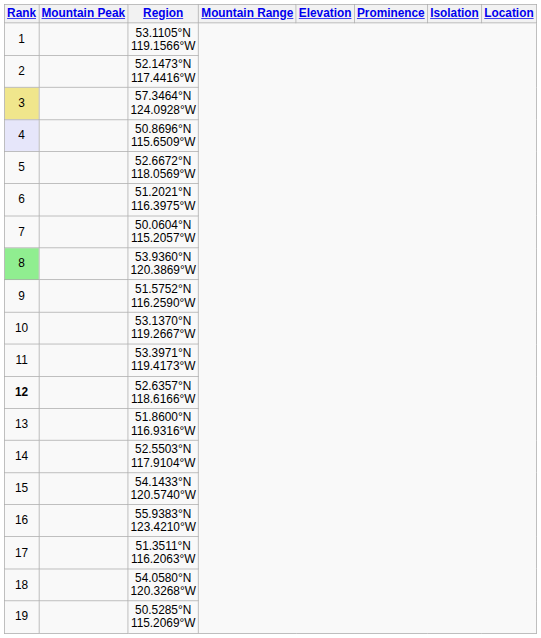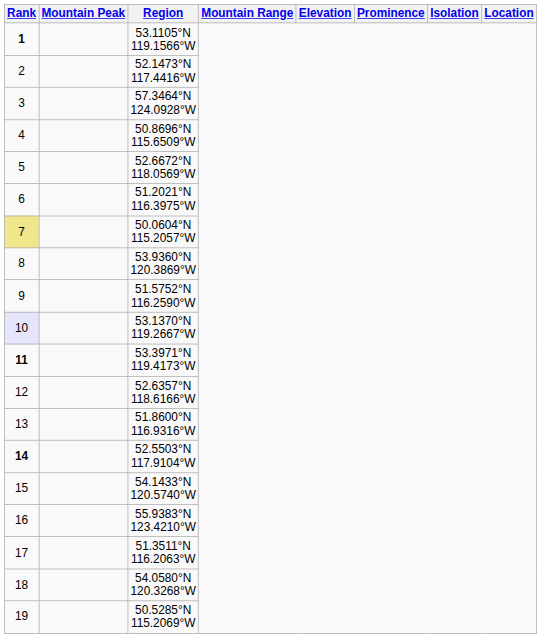 <table class="wikitable sortable">
 <tr>
 <th><a href='#'>Rank</a></th>
 <th><a href='#'>Mountain Peak</a></th>
 <th><a href='#'>Region</a></th>
 <th><a href='#'>Mountain Range</a></th>
 <th><a href='#'>Elevation</a></th>
 <th><a href='#'>Prominence</a></th>
 <th><a href='#'>Isolation</a></th>
 <th><a href='#'>Location</a></th>
 </tr>
 <tr>
-<td align=center>1<br></td>
+<td align=center><strong>1<br></strong></td>
 <td><br> </td>
 <td align=center>53.1105°N<br>119.1566°W</td>
 </tr>
 <tr>
 <td align=center>2<br></td>
 <td><br><br> </td>
 <td align=center>52.1473°N<br>117.4416°W</td>
 </tr>
 <tr>
-<td align=center style="background: khaki;">3<br></td>
+<td align=center>3<br></td>
 <td><br> </td>
 <td align=center>57.3464°N<br>124.0928°W</td>
 </tr>
 <tr>
-<td align=center style="background: lavender;">4<br></td>
+<td align=center>4<br></td>
 <td><br><br> </td>
 <td align=center>50.8696°N<br>115.6509°W</td>
 </tr>
 <tr>
 <td align=center>5<br></td>
 <td><br> </td>
 <td align=center>52.6672°N<br>118.0569°W</td>
 </tr>
 <tr>
 <td align=center>6<br></td>
 <td><br> </td>
 <td align=center>51.2021°N<br>116.3975°W</td>
 </tr>
 <tr>
-<td align=center>7<br></td>
+<td align=center style="background: khaki;">7<br></td>
 <td><br> </td>
 <td align=center>50.0604°N<br>115.2057°W</td>
 </tr>
 <tr>
-<td align=center style="background: lightgreen;">8<br></td>
+<td align=center>8<br></td>
 <td><br> </td>
 <td align=center>53.9360°N<br>120.3869°W</td>
 </tr>
 <tr>
 <td align=center>9<br></td>
 <td><br> </td>
 <td align=center>51.5752°N<br>116.2590°W</td>
 </tr>
 <tr>
-<td align=center>10<br></td>
+<td align=center style="background: lavender;">10<br></td>
 <td><br> </td>
 <td align=center>53.1370°N<br>119.2667°W</td>
 </tr>
 <tr>
-<td align=center>11<br></td>
+<td align=center><strong>11<br></strong></td>
 <td><br> </td>
 <td align=center>53.3971°N<br>119.4173°W</td>
 </tr>
 <tr>
-<td align=center><strong>12<br></strong></td>
+<td align=center>12<br></td>
 <td><br> </td>
 <td align=center>52.6357°N<br>118.6166°W</td>
 </tr>
 <tr>
 <td align=center>13<br></td>
 <td><br> </td>
 <td align=center>51.8600°N<br>116.9316°W</td>
 </tr>
 <tr>
-<td align=center>14<br></td>
+<td align=center><strong>14<br></strong></td>
 <td><br> </td>
 <td align=center>52.5503°N<br>117.9104°W</td>
 </tr>
 <tr>
 <td align=center>15<br></td>
 <td><br> </td>
 <td align=center>54.1433°N<br>120.5740°W</td>
 </tr>
 <tr>
 <td align=center>16<br></td>
 <td><br> </td>
 <td align=center>55.9383°N<br>123.4210°W</td>
 </tr>
 <tr>
 <td align=center>17<br></td>
 <td><br> </td>
 <td align=center>51.3511°N<br>116.2063°W</td>
 </tr>
 <tr>
 <td align=center>18<br></td>
 <td><br> </td>
 <td align=center>54.0580°N<br>120.3268°W</td>
 </tr>
 <tr>
 <td align=center>19<br></td>
 <td><br><br> </td>
 <td align=center>50.5285°N<br>115.2069°W</td>
 </tr>
 </table>
